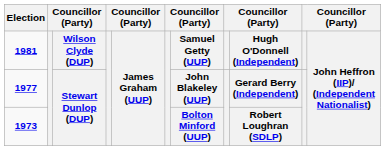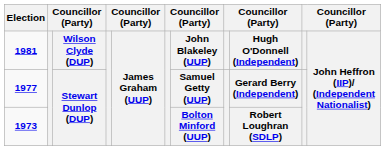 <table class="wikitable" style="text-align:center">
 <tr>
 <th scope="col" width="50">Election</th>
 <th scope="col" width="150" colspan = "2">Councillor<br> (Party)</th>
 <th scope="col" width="150" colspan = "2">Councillor<br> (Party)</th>
 <th scope="col" width="150" colspan = "2">Councillor<br> (Party)</th>
 <th scope="col" width="150" colspan = "2">Councillor<br> (Party)</th>
 <th scope="col" width="150" colspan = "2">Councillor<br> (Party)</th>
 </tr>
 <tr>
 <td><strong><a href='#'>1981</a></strong></td>
 <th rowspan="3" width="1" style="background-color: "></th>
 <th rowspan = "1"><a href='#'>Wilson Clyde</a> <br> (<a href='#'>DUP</a>)</th>
 <th rowspan="3" width="1" style="background-color: "></th>
 <th rowspan = "3">James Graham <br> (<a href='#'>UUP</a>)</th>
 <th rowspan="3" width="1" style="background-color: "></th>
-<th rowspan = "1">Samuel Getty <br> (<a href='#'>UUP</a>)</th>
+<th rowspan = "1">John Blakeley <br> (<a href='#'>UUP</a>)</th>
 <th rowspan="1" width="1" style="background-color: "></th>
 <th rowspan = "1">Hugh O'Donnell <br> (<a href='#'>Independent</a>)</th>
 <th rowspan="1" width="1" style="background-color: "></th>
 <th rowspan = "3">John Heffron <br> (<a href='#'>IIP</a>)/ <br> (<a href='#'>Independent Nationalist</a>)</th>
 </tr>
 <tr>
 <td><strong><a href='#'>1977</a></strong></td>
 <th rowspan = "2"><a href='#'>Stewart Dunlop</a> <br> (<a href='#'>DUP</a>)</th>
-<th rowspan = "1">John Blakeley <br> (<a href='#'>UUP</a>)</th>
+<th rowspan = "1">Samuel Getty <br> (<a href='#'>UUP</a>)</th>
 <th rowspan="2" width="1" style="background-color: "></th>
 <th rowspan = "1">Gerard Berry <br> (<a href='#'>Independent</a>)</th>
 <th rowspan="2" width="1" style="background-color: "></th>
 </tr>
 <tr>
 <td><strong><a href='#'>1973</a></strong></td>
 <th rowspan = "1"><a href='#'>Bolton Minford</a> <br> (<a href='#'>UUP</a>)</th>
 <th rowspan = "1">Robert Loughran <br> (<a href='#'>SDLP</a>)</th>
 </tr>
 </table>
